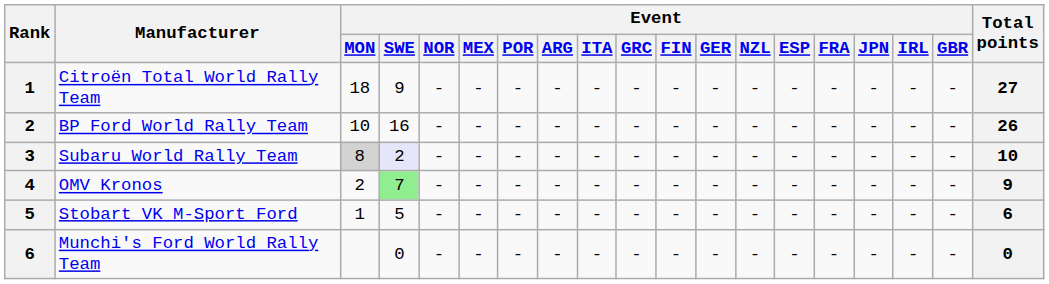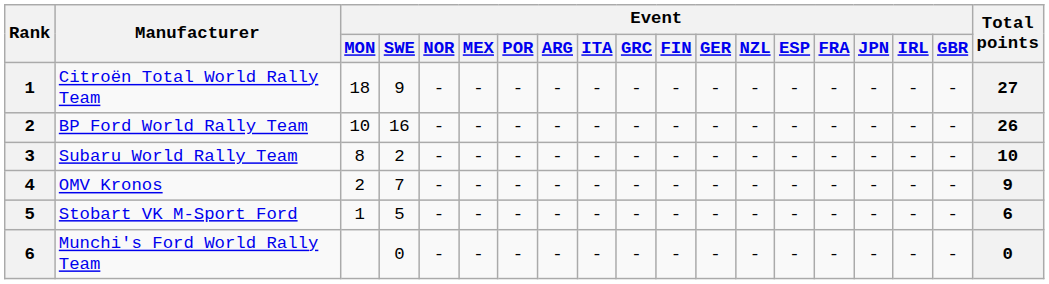 <table class="wikitable" style="text-align:center; font-size:90%;">
 <tr>
 <th rowspan=2>Rank</th>
 <th rowspan=2 style="width:16em">Manufacturer</th>
 <th colspan=16>Event</th>
 <th rowspan=2>Total<br>points</th>
 </tr>
 <tr valign="top">
 <th><a href='#'>MON</a><br></th>
 <th><a href='#'>SWE</a><br></th>
 <th><a href='#'>NOR</a><br></th>
 <th><a href='#'>MEX</a><br></th>
 <th><a href='#'>POR</a><br></th>
 <th><a href='#'>ARG</a><br></th>
 <th><a href='#'>ITA</a><br></th>
 <th><a href='#'>GRC</a><br></th>
 <th><a href='#'>FIN</a><br></th>
 <th><a href='#'>GER</a><br></th>
 <th><a href='#'>NZL</a><br></th>
 <th><a href='#'>ESP</a><br></th>
 <th><a href='#'>FRA</a><br></th>
 <th><a href='#'>JPN</a><br></th>
 <th><a href='#'>IRL</a><br></th>
 <th><a href='#'>GBR</a><br></th>
 </tr>
 <tr>
 <th>1</th>
 <td align=left><a href='#'>Citroën Total World Rally Team</a></td>
 <td>18</td>
 <td>9</td>
 <td>-</td>
 <td>-</td>
 <td>-</td>
 <td>-</td>
 <td>-</td>
 <td>-</td>
 <td>-</td>
 <td>-</td>
 <td>-</td>
 <td>-</td>
 <td>-</td>
 <td>-</td>
 <td>-</td>
 <td>-</td>
 <th>27</th>
 </tr>
 <tr>
 <th>2</th>
 <td align=left><a href='#'>BP Ford World Rally Team</a></td>
 <td>10</td>
 <td>16</td>
 <td>-</td>
 <td>-</td>
 <td>-</td>
 <td>-</td>
 <td>-</td>
 <td>-</td>
 <td>-</td>
 <td>-</td>
 <td>-</td>
 <td>-</td>
 <td>-</td>
 <td>-</td>
 <td>-</td>
 <td>-</td>
 <th>26</th>
 </tr>
 <tr>
 <th>3</th>
 <td align=left><a href='#'>Subaru World Rally Team</a></td>
-<td style="background: lightgrey;">8</td>
-<td style="background: lavender;">2</td>
+<td>8</td>
+<td>2</td>
 <td>-</td>
 <td>-</td>
 <td>-</td>
 <td>-</td>
 <td>-</td>
 <td>-</td>
 <td>-</td>
 <td>-</td>
 <td>-</td>
 <td>-</td>
 <td>-</td>
 <td>-</td>
 <td>-</td>
 <td>-</td>
 <th>10</th>
 </tr>
 <tr>
 <th>4</th>
 <td align=left><a href='#'>OMV Kronos</a></td>
 <td>2</td>
-<td style="background: lightgreen;">7</td>
+<td>7</td>
 <td>-</td>
 <td>-</td>
 <td>-</td>
 <td>-</td>
 <td>-</td>
 <td>-</td>
 <td>-</td>
 <td>-</td>
 <td>-</td>
 <td>-</td>
 <td>-</td>
 <td>-</td>
 <td>-</td>
 <td>-</td>
 <th>9</th>
 </tr>
 <tr>
 <th>5</th>
 <td align=left><a href='#'>Stobart VK M-Sport Ford</a></td>
 <td>1</td>
 <td>5</td>
 <td>-</td>
 <td>-</td>
 <td>-</td>
 <td>-</td>
 <td>-</td>
 <td>-</td>
 <td>-</td>
 <td>-</td>
 <td>-</td>
 <td>-</td>
 <td>-</td>
 <td>-</td>
 <td>-</td>
 <td>-</td>
 <th>6</th>
 </tr>
 <tr>
 <th>6</th>
 <td align="left"><a href='#'>Munchi's Ford World Rally Team</a></td>
 <td></td>
 <td>0</td>
 <td>-</td>
 <td>-</td>
 <td>-</td>
 <td>-</td>
 <td>-</td>
 <td>-</td>
 <td>-</td>
 <td>-</td>
 <td>-</td>
 <td>-</td>
 <td>-</td>
 <td>-</td>
 <td>-</td>
 <td>-</td>
 <th>0</th>
 </tr>
 </table>
